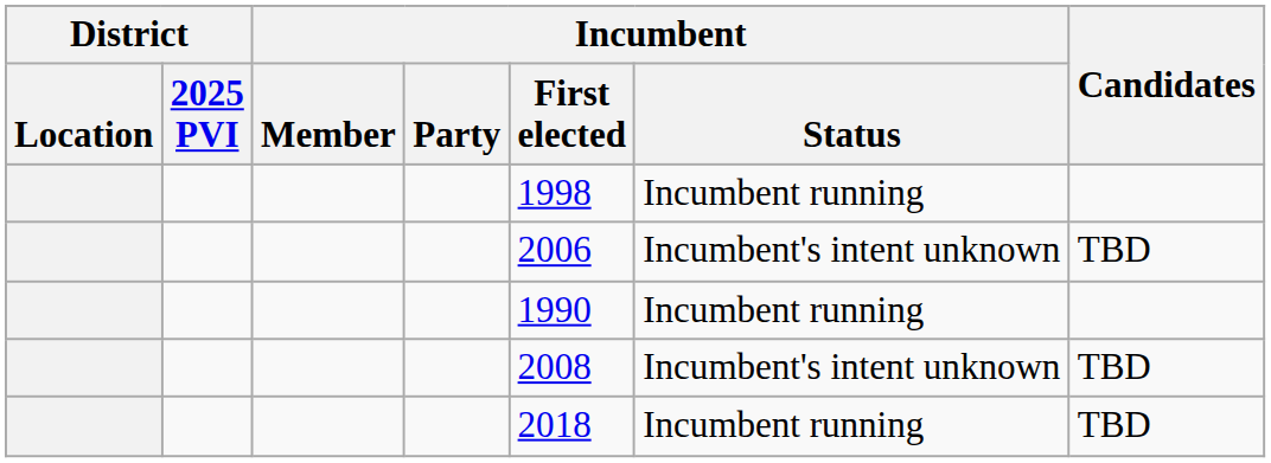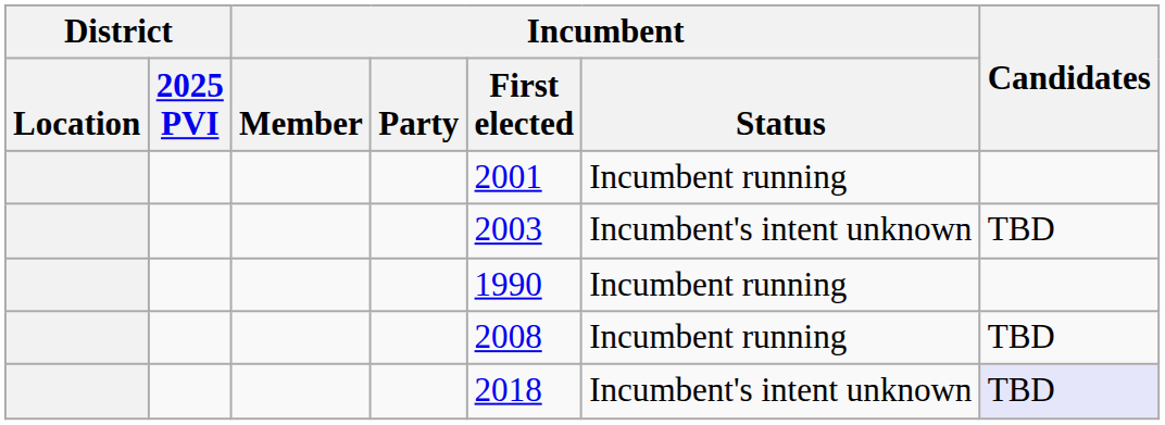 <table class="wikitable sortable">
 <tr>
 <th colspan=2>District</th>
 <th colspan=4>Incumbent</th>
 <th rowspan=2 class="unsortable">Candidates</th>
 </tr>
 <tr valign=bottom>
 <th>Location</th>
 <th><a href='#'>2025<br>PVI</a></th>
 <th>Member</th>
 <th>Party</th>
 <th>First<br>elected</th>
 <th>Status</th>
 </tr>
 <tr>
 <th></th>
 <td></td>
 <td></td>
 <td></td>
-<td><a href='#'>1998</a></td>
+<td><a href='#'>2001</a></td>
 <td>Incumbent running</td>
 <td></td>
 </tr>
 <tr>
 <th></th>
 <td></td>
 <td></td>
 <td></td>
-<td><a href='#'>2006</a></td>
+<td><a href='#'>2003</a></td>
 <td>Incumbent's intent unknown</td>
 <td>TBD</td>
 </tr>
 <tr>
 <th></th>
 <td></td>
 <td></td>
 <td></td>
 <td><a href='#'>1990</a></td>
 <td>Incumbent running</td>
 <td></td>
 </tr>
 <tr>
 <th></th>
 <td></td>
 <td></td>
 <td></td>
 <td><a href='#'>2008</a></td>
-<td>Incumbent's intent unknown</td>
+<td>Incumbent running</td>
 <td>TBD</td>
 </tr>
 <tr>
 <th></th>
 <td></td>
 <td></td>
 <td></td>
 <td><a href='#'>2018</a></td>
-<td>Incumbent running</td>
-<td>TBD</td>
+<td>Incumbent's intent unknown</td>
+<td style="background: lavender;">TBD</td>
 </tr>
 </table>
